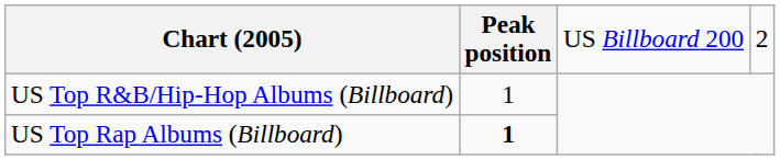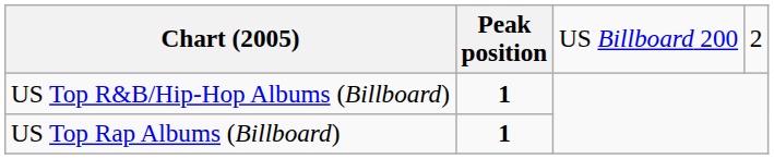 <table class="wikitable sortable">
 <tr>
 <th align="left">Chart (2005)</th>
 <th align="left">Peak<br>position</th>
 <td align="left">US <a href='#'><em>Billboard</em> 200</a></td>
 <td style="text-align:center;">2</td>
 </tr>
 <tr>
 <td align="left">US <a href='#'>Top R&B/Hip-Hop Albums</a> (<em>Billboard</em>)</td>
-<td style="text-align:center;">1</td>
+<td style="text-align:center;"><strong>1</strong></td>
 </tr>
 <tr>
 <td align="left">US <a href='#'>Top Rap Albums</a> (<em>Billboard</em>)</td>
 <td style="text-align:center;"><strong>1</strong></td>
 </tr>
 </table>
